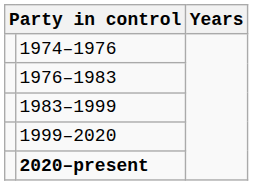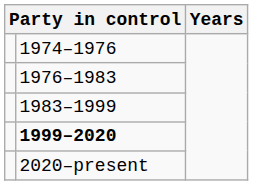 <table class="wikitable">
 <tr>
 <th colspan="2">Party in control</th>
 <th>Years</th>
 </tr>
 <tr>
 <td></td>
 <td>1974–1976</td>
 </tr>
 <tr>
 <td></td>
 <td>1976–1983</td>
 </tr>
 <tr>
 <td></td>
 <td>1983–1999</td>
 </tr>
 <tr>
 <td></td>
-<td>1999–2020</td>
+<td><strong>1999–2020</strong></td>
 </tr>
 <tr>
 <td></td>
-<td><strong>2020–present</strong></td>
+<td>2020–present</td>
 </tr>
 </table>
